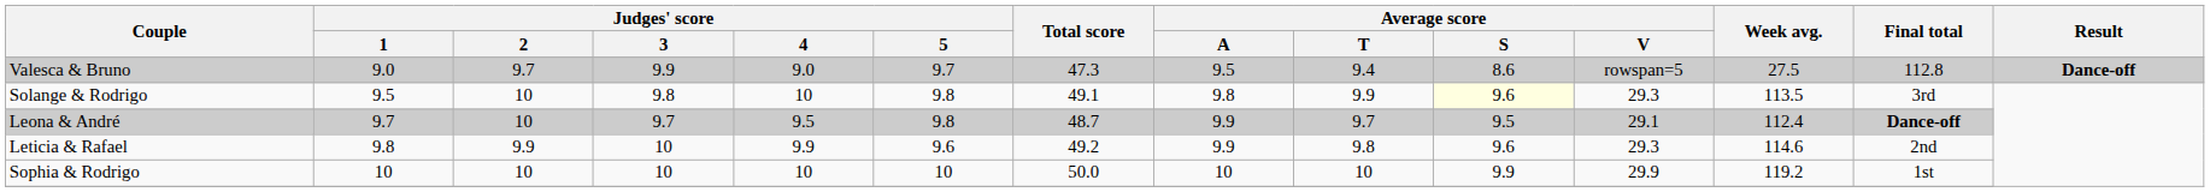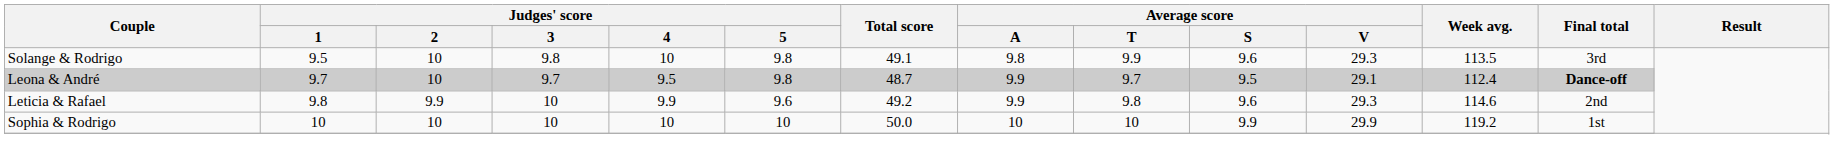 <table class="wikitable" style="font-size:100%; line-height:16px; text-align:center" width="100%">
 <tr>
 <th rowspan=2 style="width:11.0%;">Couple</th>
 <th colspan=5 style="width:25.0%;">Judges' score</th>
 <th rowspan=2 style="width:05.0%;">Total score</th>
 <th colspan=4 style="width:20.0%;">Average score</th>
 <th rowspan=2 style="width:05.0%;">Week avg.</th>
 <th rowspan=2 style="width:05.0%;">Final total</th>
 <th rowspan=2 style="width:07.5%;">Result</th>
 </tr>
 <tr>
 <th style="width:05.0%;">1</th>
 <th style="width:05.0%;">2</th>
 <th style="width:05.0%;">3</th>
 <th style="width:05.0%;">4</th>
 <th style="width:05.0%;">5</th>
 <th style="width:05.0%;">A</th>
 <th style="width:05.0%;">T</th>
 <th style="width:05.0%;">S</th>
 <th style="width:05.0%;">V</th>
 </tr>
-<tr bgcolor="CCCCCC">
-<td align="left">Valesca & Bruno</td>
-<td>9.0</td>
-<td>9.7</td>
-<td>9.9</td>
-<td>9.0</td>
-<td>9.7</td>
-<td>47.3</td>
-<td>9.5</td>
-<td>9.4</td>
-<td>8.6</td>
-<td>rowspan=5 </td>
-<td>27.5</td>
-<td>112.8</td>
-<td><strong>Dance-off</strong></td>
-</tr>
 <tr>
 <td align="left">Solange & Rodrigo</td>
 <td>9.5</td>
 <td>10</td>
 <td>9.8</td>
 <td>10</td>
 <td>9.8</td>
 <td>49.1</td>
 <td>9.8</td>
 <td>9.9</td>
-<td style="background: lightyellow;">9.6</td>
+<td>9.6</td>
 <td>29.3</td>
 <td>113.5</td>
 <td>3rd</td>
 </tr>
 <tr bgcolor="CCCCCC">
 <td align="left">Leona & André</td>
 <td>9.7</td>
 <td>10</td>
 <td>9.7</td>
 <td>9.5</td>
 <td>9.8</td>
 <td>48.7</td>
 <td>9.9</td>
 <td>9.7</td>
 <td>9.5</td>
 <td>29.1</td>
 <td>112.4</td>
 <td><strong>Dance-off</strong></td>
 </tr>
 <tr>
 <td align="left">Leticia & Rafael</td>
 <td>9.8</td>
 <td>9.9</td>
 <td>10</td>
 <td>9.9</td>
 <td>9.6</td>
 <td>49.2</td>
 <td>9.9</td>
 <td>9.8</td>
 <td>9.6</td>
 <td>29.3</td>
 <td>114.6</td>
 <td>2nd</td>
 </tr>
 <tr>
 <td align="left">Sophia & Rodrigo</td>
 <td>10</td>
 <td>10</td>
 <td>10</td>
 <td>10</td>
 <td>10</td>
 <td>50.0</td>
 <td>10</td>
 <td>10</td>
 <td>9.9</td>
 <td>29.9</td>
 <td>119.2</td>
 <td>1st</td>
 </tr>
 <tr>
 </tr>
 </table>
